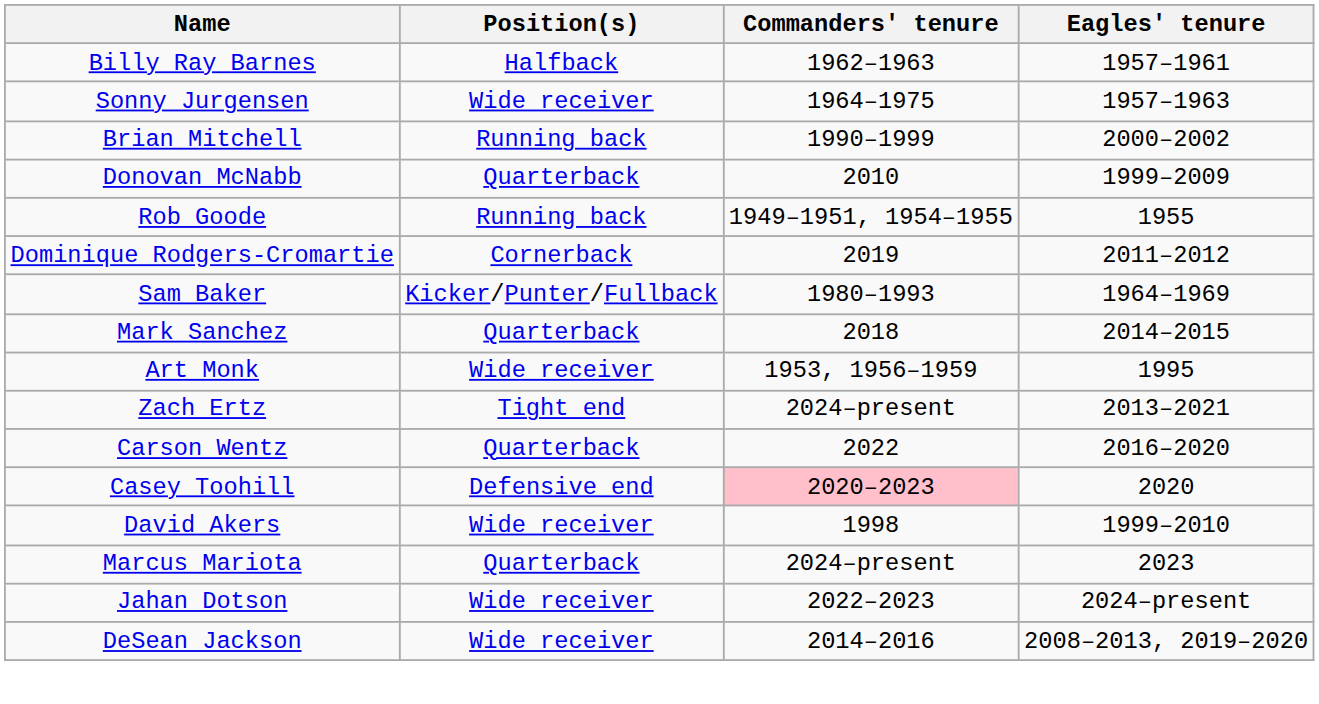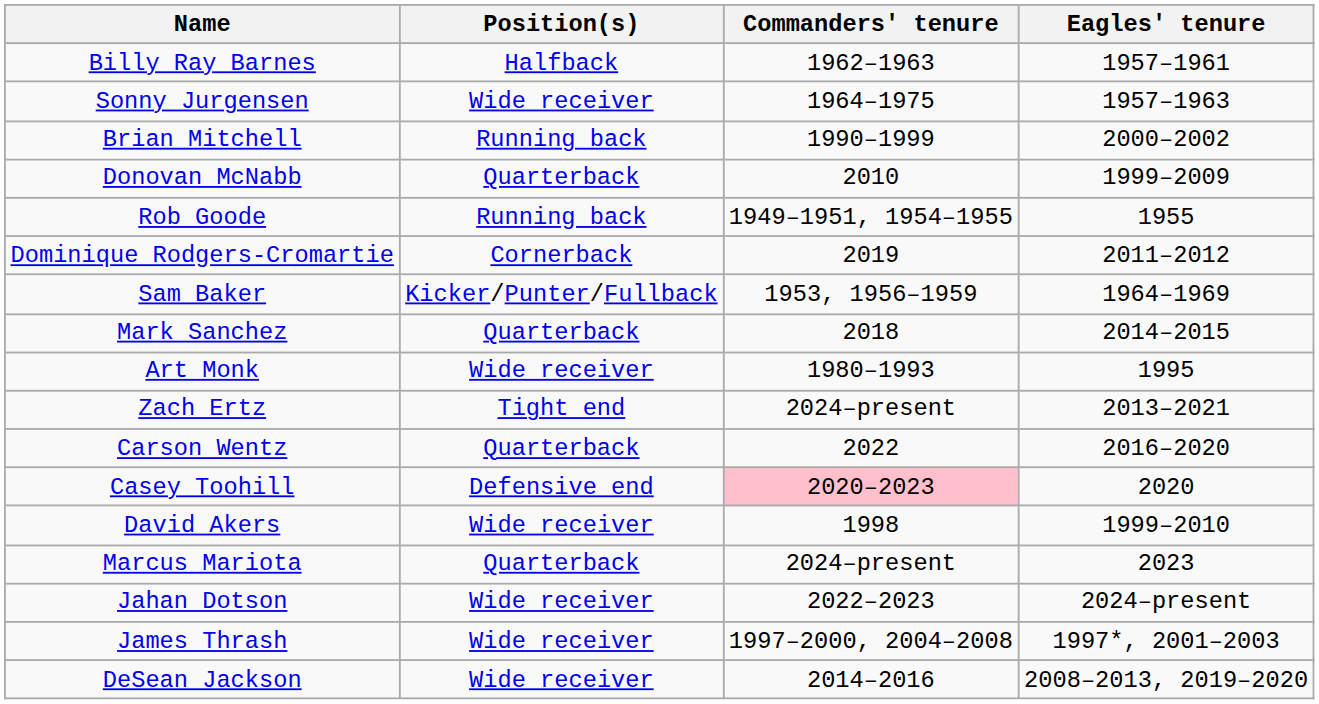 <table class="wikitable" style="text-align: center;">
 <tr>
 <th>Name</th>
 <th>Position(s)</th>
 <th>Commanders' tenure</th>
 <th>Eagles' tenure</th>
 </tr>
 <tr>
 <td><a href='#'>Billy Ray Barnes</a></td>
 <td><a href='#'>Halfback</a></td>
 <td>1962–1963</td>
 <td>1957–1961</td>
 </tr>
 <tr>
 <td><a href='#'>Sonny Jurgensen</a></td>
 <td><a href='#'>Wide receiver</a></td>
 <td>1964–1975</td>
 <td>1957–1963</td>
 </tr>
 <tr>
 <td><a href='#'>Brian Mitchell</a></td>
 <td><a href='#'>Running back</a></td>
 <td>1990–1999</td>
 <td>2000–2002</td>
 </tr>
 <tr>
 <td><a href='#'>Donovan McNabb</a></td>
 <td><a href='#'>Quarterback</a></td>
 <td>2010</td>
 <td>1999–2009</td>
 </tr>
 <tr>
 <td><a href='#'>Rob Goode</a></td>
 <td><a href='#'>Running back</a></td>
 <td>1949–1951, 1954–1955</td>
 <td>1955</td>
 </tr>
 <tr>
 <td><a href='#'>Dominique Rodgers-Cromartie</a></td>
 <td><a href='#'>Cornerback</a></td>
 <td>2019</td>
 <td>2011–2012</td>
 </tr>
 <tr>
 <td><a href='#'>Sam Baker</a></td>
 <td><a href='#'>Kicker</a>/<a href='#'>Punter</a>/<a href='#'>Fullback</a></td>
-<td>1980–1993</td>
+<td>1953, 1956–1959</td>
 <td>1964–1969</td>
 </tr>
 <tr>
 <td><a href='#'>Mark Sanchez</a></td>
 <td><a href='#'>Quarterback</a></td>
 <td>2018</td>
 <td>2014–2015</td>
 </tr>
 <tr>
 <td><a href='#'>Art Monk</a></td>
 <td><a href='#'>Wide receiver</a></td>
-<td>1953, 1956–1959</td>
+<td>1980–1993</td>
 <td>1995</td>
 </tr>
 <tr>
 <td><a href='#'>Zach Ertz</a></td>
 <td><a href='#'>Tight end</a></td>
 <td>2024–present</td>
 <td>2013–2021</td>
 </tr>
 <tr>
 <td><a href='#'>Carson Wentz</a></td>
 <td><a href='#'>Quarterback</a></td>
 <td>2022</td>
 <td>2016–2020</td>
 </tr>
 <tr>
 <td><a href='#'>Casey Toohill</a></td>
 <td><a href='#'>Defensive end</a></td>
 <td style="background: pink;">2020–2023</td>
 <td>2020</td>
 </tr>
 <tr>
 <td><a href='#'>David Akers</a></td>
 <td><a href='#'>Wide receiver</a></td>
 <td>1998</td>
 <td>1999–2010</td>
 </tr>
 <tr>
 <td><a href='#'>Marcus Mariota</a></td>
 <td><a href='#'>Quarterback</a></td>
 <td>2024–present</td>
 <td>2023</td>
 </tr>
 <tr>
 <td><a href='#'>Jahan Dotson</a></td>
 <td><a href='#'>Wide receiver</a></td>
 <td>2022–2023</td>
 <td>2024–present</td>
 </tr>
 <tr>
+<td><a href='#'>James Thrash</a></td>
+<td><a href='#'>Wide receiver</a></td>
+<td>1997–2000, 2004–2008</td>
+<td>1997*, 2001–2003</td>
+</tr>
+<tr>
 <td><a href='#'>DeSean Jackson</a></td>
 <td><a href='#'>Wide receiver</a></td>
 <td>2014–2016</td>
 <td>2008–2013, 2019–2020</td>
 </tr>
 </table>
